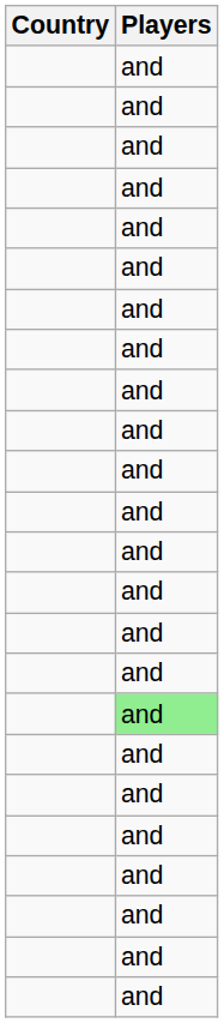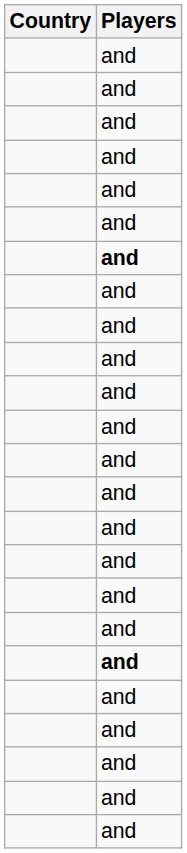 <table class="wikitable">
 <tr>
 <th>Country</th>
 <th>Players</th>
+</tr>
+<tr>
+<td></td>
+<td> and </td>
+</tr>
+<tr>
+<td></td>
+<td> and </td>
+</tr>
+<tr>
+<td></td>
+<td> and </td>
+</tr>
+<tr>
+<td></td>
+<td> and </td>
+</tr>
+<tr>
+<td></td>
+<td> and </td>
+</tr>
+<tr>
+<td></td>
+<td> and </td>
+</tr>
+<tr>
+<td></td>
+<td><strong> and </strong></td>
 </tr>
 <tr>
 <td></td>
 <td> and </td>
 </tr>
 <tr>
 <td></td>
 <td> and </td>
 </tr>
 <tr>
 <td></td>
 <td> and </td>
 </tr>
 <tr>
 <td></td>
 <td> and </td>
 </tr>
 <tr>
 <td></td>
 <td> and </td>
 </tr>
 <tr>
 <td></td>
 <td> and </td>
 </tr>
 <tr>
 <td></td>
 <td> and </td>
 </tr>
 <tr>
 <td></td>
 <td> and </td>
 </tr>
 <tr>
 <td></td>
 <td> and </td>
 </tr>
 <tr>
 <td></td>
 <td> and </td>
 </tr>
 <tr>
 <td></td>
 <td> and </td>
 </tr>
 <tr>
 <td></td>
-<td> and </td>
-</tr>
-<tr>
-<td></td>
-<td> and </td>
-</tr>
-<tr>
-<td></td>
-<td> and </td>
-</tr>
-<tr>
-<td></td>
-<td> and </td>
-</tr>
-<tr>
-<td></td>
-<td> and </td>
-</tr>
-<tr>
-<td></td>
-<td style="background: lightgreen;"> and </td>
-</tr>
-<tr>
-<td></td>
-<td> and </td>
-</tr>
-<tr>
-<td></td>
-<td> and </td>
+<td><strong> and </strong></td>
 </tr>
 <tr>
 <td></td>
 <td> and </td>
 </tr>
 <tr>
 <td></td>
 <td> and </td>
 </tr>
 <tr>
 <td></td>
 <td> and </td>
 </tr>
 <tr>
 <td></td>
 <td> and </td>
 </tr>
 <tr>
 <td></td>
 <td> and </td>
 </tr>
 </table>
